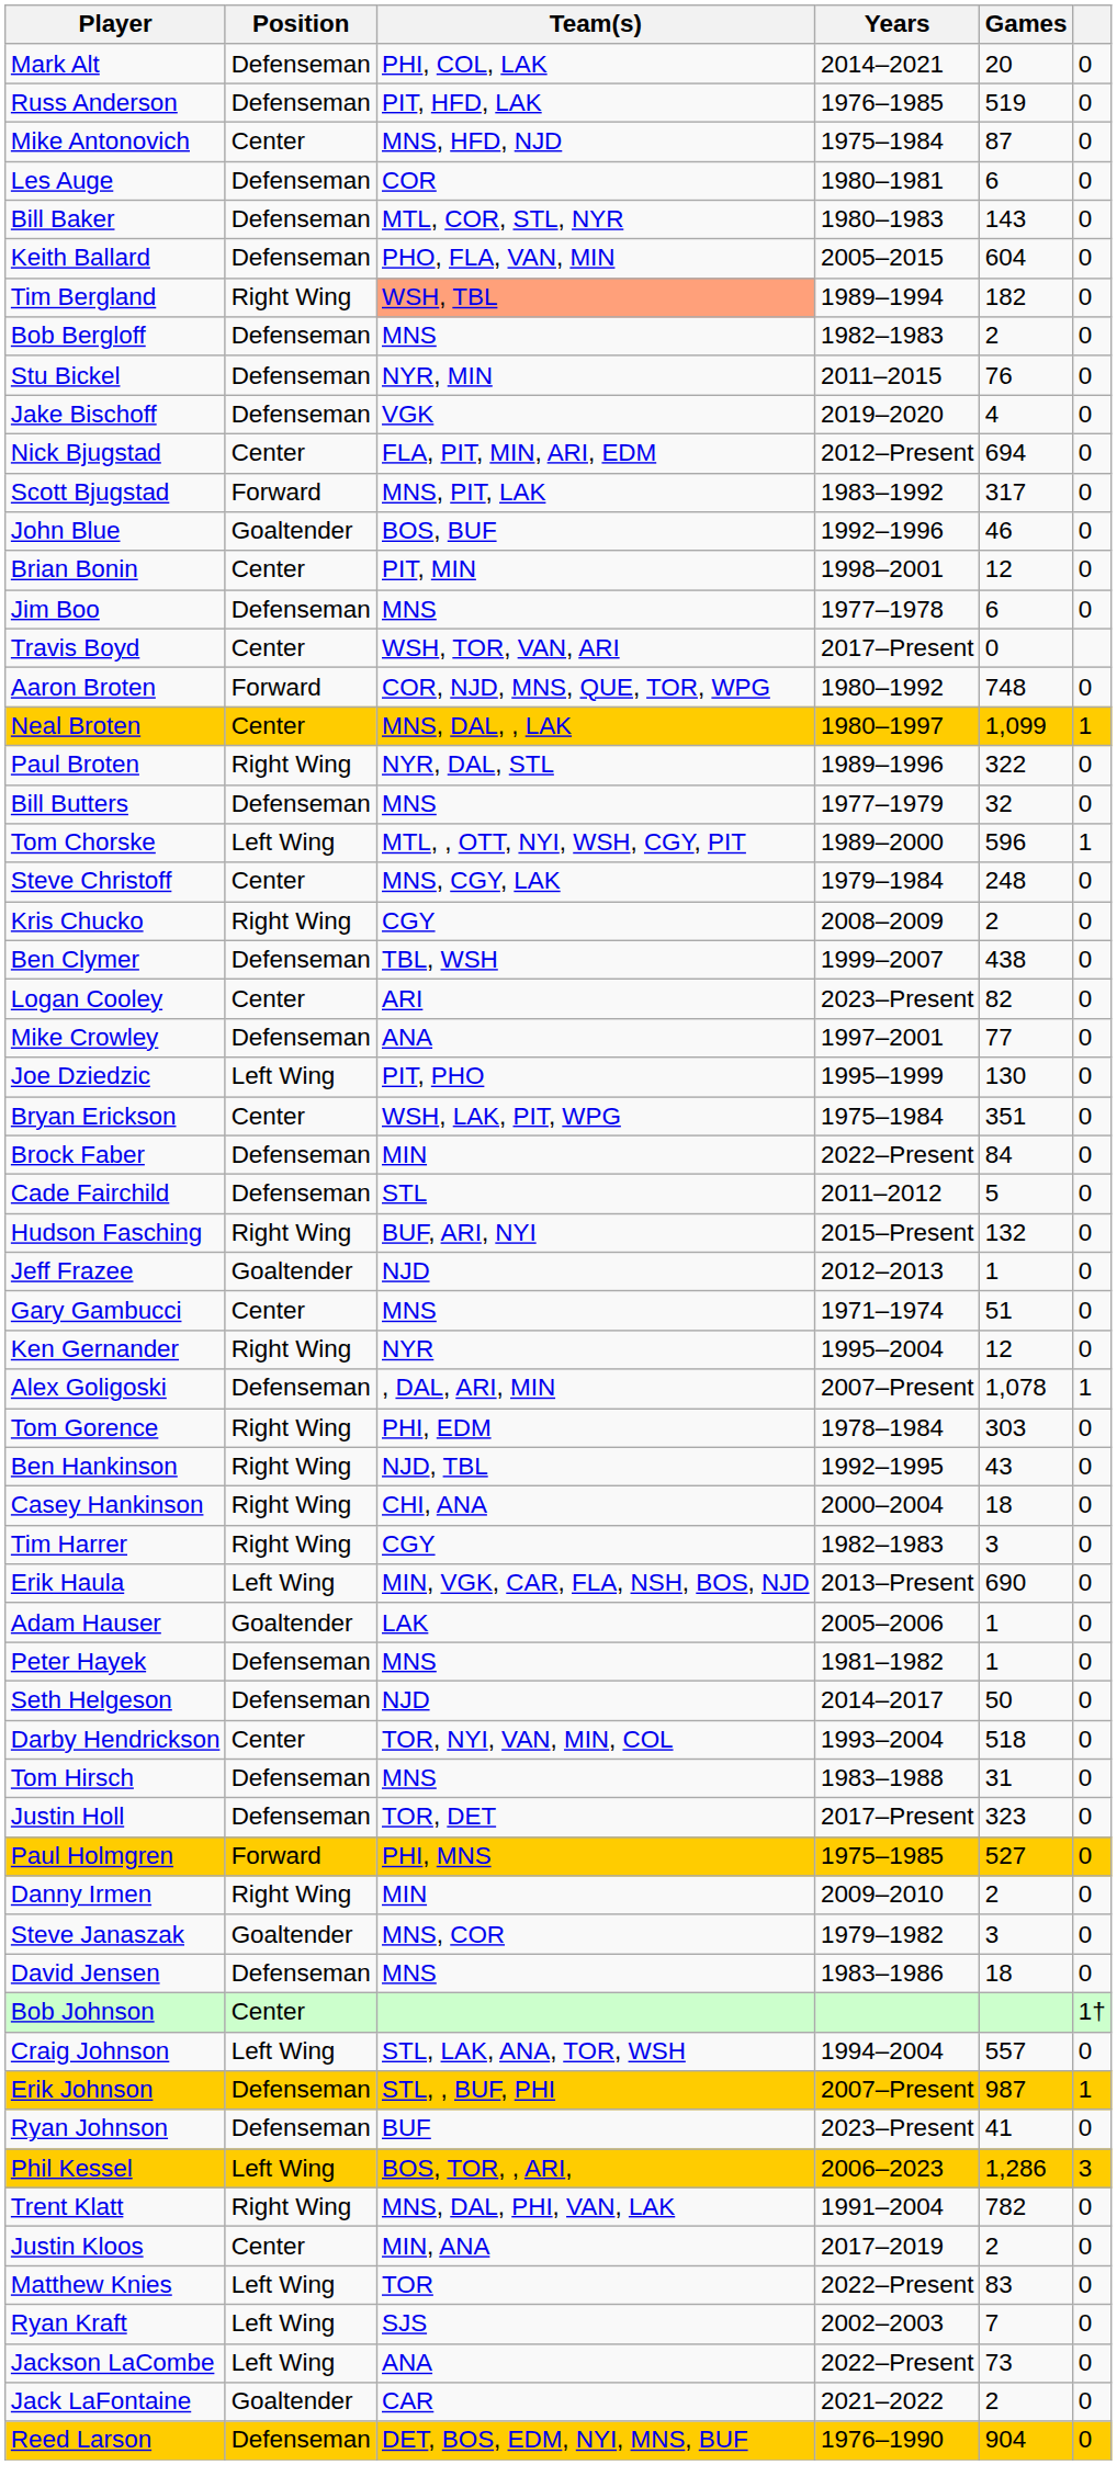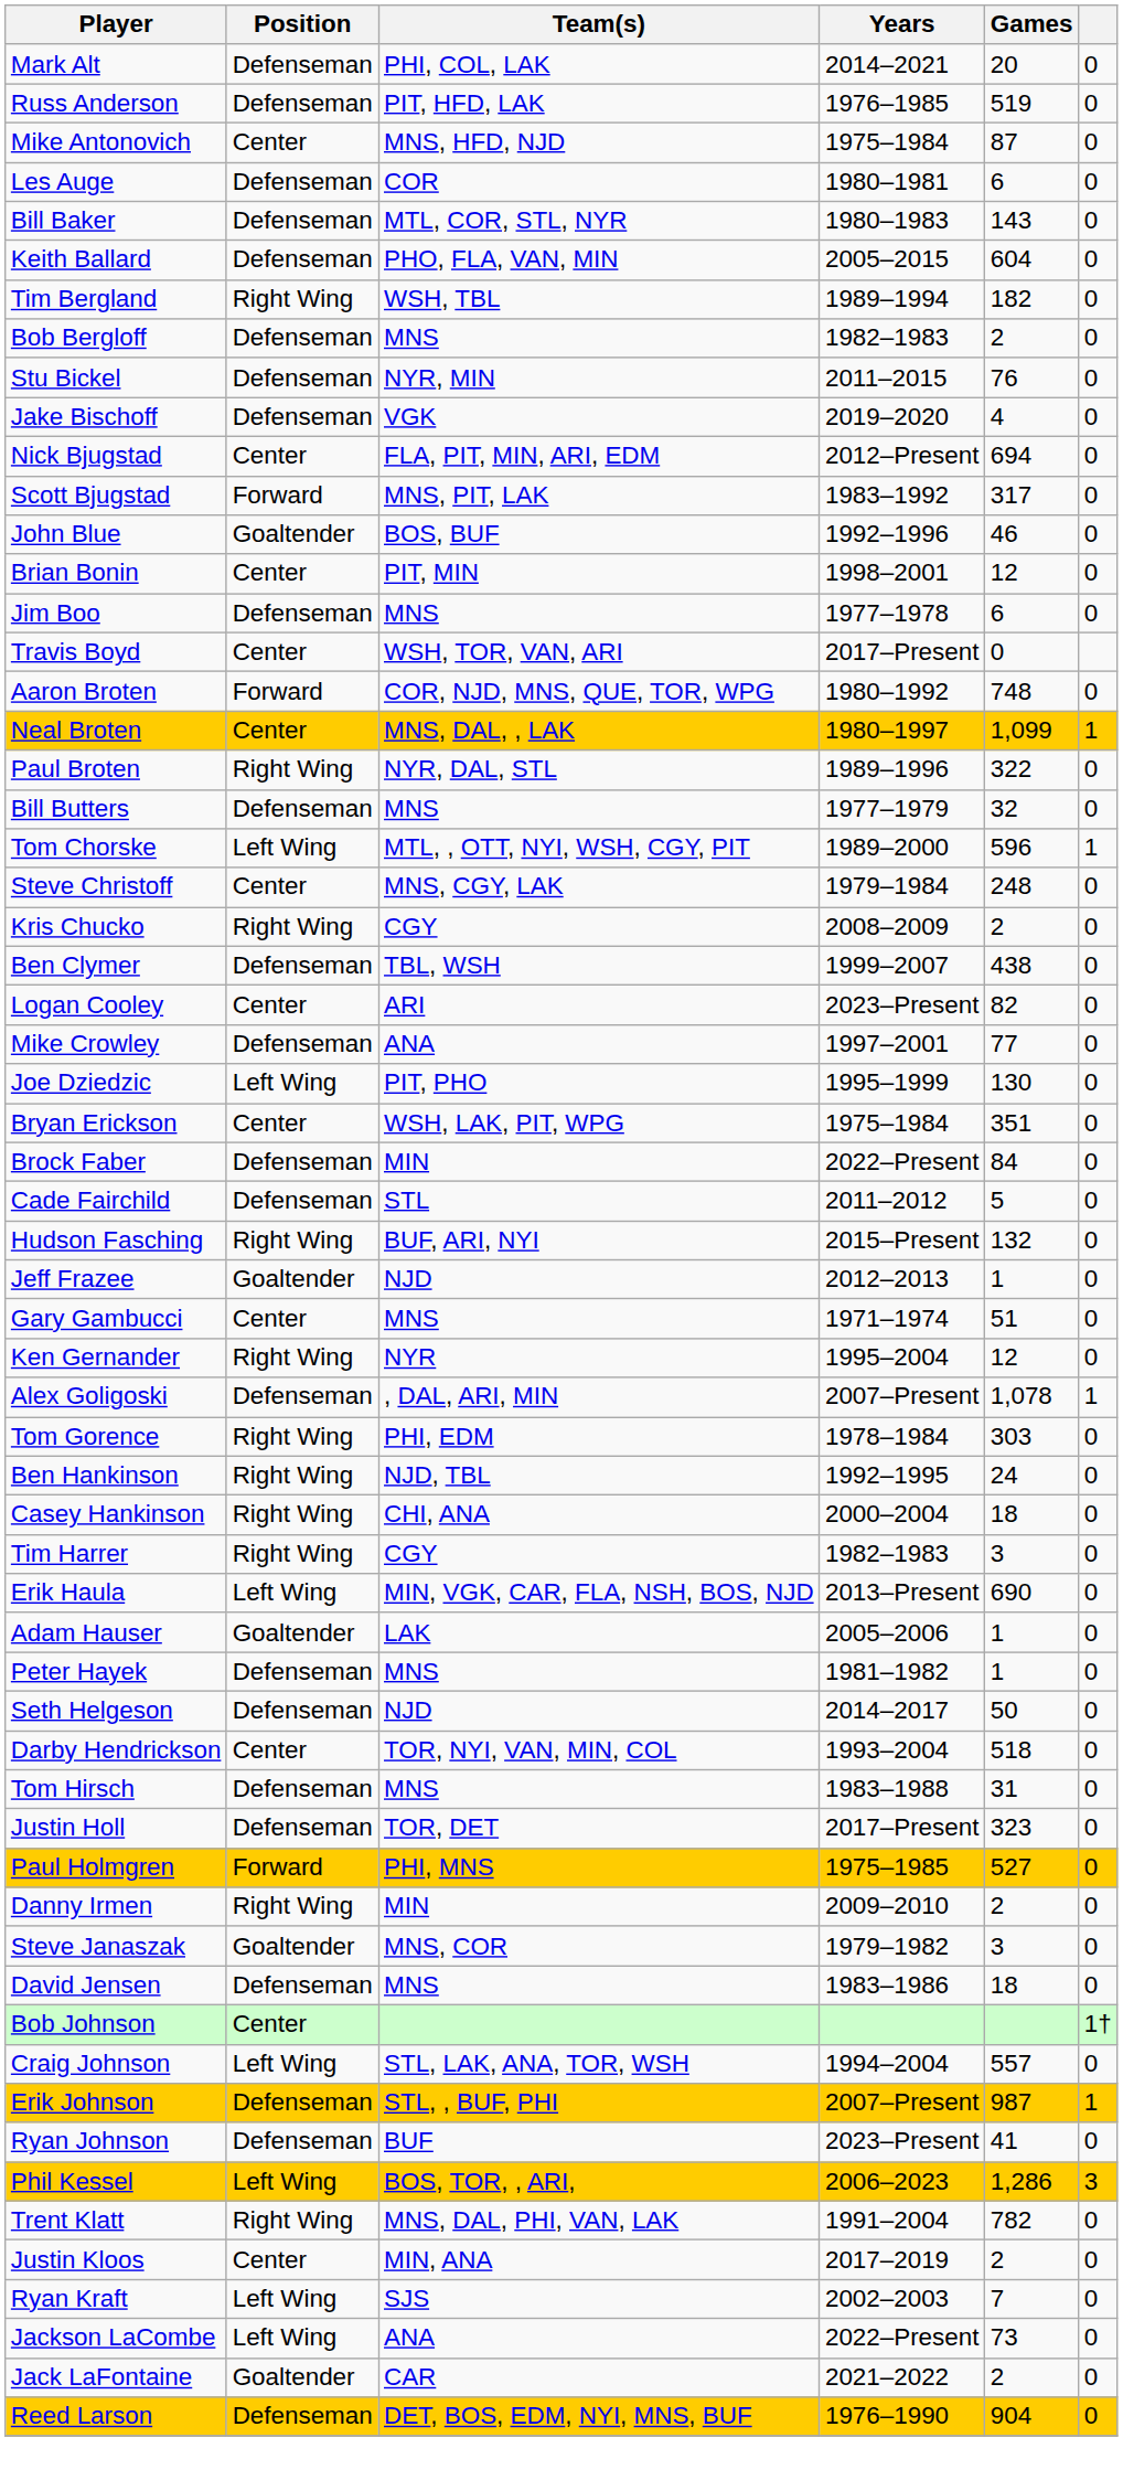 <table class="wikitable sortable">
 <tr>
 <th>Player</th>
 <th>Position</th>
 <th>Team(s)</th>
 <th>Years</th>
 <th>Games</th>
 <th><a href='#'></a></th>
 </tr>
 <tr>
 <td><a href='#'>Mark Alt</a></td>
 <td>Defenseman</td>
 <td><a href='#'>PHI</a>, <a href='#'>COL</a>, <a href='#'>LAK</a></td>
 <td>2014–2021</td>
 <td>20</td>
 <td>0</td>
 </tr>
 <tr>
 <td><a href='#'>Russ Anderson</a></td>
 <td>Defenseman</td>
 <td><a href='#'>PIT</a>, <a href='#'>HFD</a>, <a href='#'>LAK</a></td>
 <td>1976–1985</td>
 <td>519</td>
 <td>0</td>
 </tr>
 <tr>
 <td><a href='#'>Mike Antonovich</a></td>
 <td>Center</td>
 <td><a href='#'>MNS</a>, <a href='#'>HFD</a>, <a href='#'>NJD</a></td>
 <td>1975–1984</td>
 <td>87</td>
 <td>0</td>
 </tr>
 <tr>
 <td><a href='#'>Les Auge</a></td>
 <td>Defenseman</td>
 <td><a href='#'>COR</a></td>
 <td>1980–1981</td>
 <td>6</td>
 <td>0</td>
 </tr>
 <tr>
 <td><a href='#'>Bill Baker</a></td>
 <td>Defenseman</td>
 <td><a href='#'>MTL</a>, <a href='#'>COR</a>, <a href='#'>STL</a>, <a href='#'>NYR</a></td>
 <td>1980–1983</td>
 <td>143</td>
 <td>0</td>
 </tr>
 <tr>
 <td><a href='#'>Keith Ballard</a></td>
 <td>Defenseman</td>
 <td><a href='#'>PHO</a>, <a href='#'>FLA</a>, <a href='#'>VAN</a>, <a href='#'>MIN</a></td>
 <td>2005–2015</td>
 <td>604</td>
 <td>0</td>
 </tr>
 <tr>
 <td><a href='#'>Tim Bergland</a></td>
 <td>Right Wing</td>
-<td style="background: lightsalmon;"><a href='#'>WSH</a>, <a href='#'>TBL</a></td>
+<td><a href='#'>WSH</a>, <a href='#'>TBL</a></td>
 <td>1989–1994</td>
 <td>182</td>
 <td>0</td>
 </tr>
 <tr>
 <td><a href='#'>Bob Bergloff</a></td>
 <td>Defenseman</td>
 <td><a href='#'>MNS</a></td>
 <td>1982–1983</td>
 <td>2</td>
 <td>0</td>
 </tr>
 <tr>
 <td><a href='#'>Stu Bickel</a></td>
 <td>Defenseman</td>
 <td><a href='#'>NYR</a>, <a href='#'>MIN</a></td>
 <td>2011–2015</td>
 <td>76</td>
 <td>0</td>
 </tr>
 <tr>
 <td><a href='#'>Jake Bischoff</a></td>
 <td>Defenseman</td>
 <td><a href='#'>VGK</a></td>
 <td>2019–2020</td>
 <td>4</td>
 <td>0</td>
 </tr>
 <tr>
 <td><a href='#'>Nick Bjugstad</a></td>
 <td>Center</td>
 <td><a href='#'>FLA</a>, <a href='#'>PIT</a>, <a href='#'>MIN</a>, <a href='#'>ARI</a>, <a href='#'>EDM</a></td>
 <td>2012–Present</td>
 <td>694</td>
 <td>0</td>
 </tr>
 <tr>
 <td><a href='#'>Scott Bjugstad</a></td>
 <td>Forward</td>
 <td><a href='#'>MNS</a>, <a href='#'>PIT</a>, <a href='#'>LAK</a></td>
 <td>1983–1992</td>
 <td>317</td>
 <td>0</td>
 </tr>
 <tr>
 <td><a href='#'>John Blue</a></td>
 <td>Goaltender</td>
 <td><a href='#'>BOS</a>, <a href='#'>BUF</a></td>
 <td>1992–1996</td>
 <td>46</td>
 <td>0</td>
 </tr>
 <tr>
 <td><a href='#'>Brian Bonin</a></td>
 <td>Center</td>
 <td><a href='#'>PIT</a>, <a href='#'>MIN</a></td>
 <td>1998–2001</td>
 <td>12</td>
 <td>0</td>
 </tr>
 <tr>
 <td><a href='#'>Jim Boo</a></td>
 <td>Defenseman</td>
 <td><a href='#'>MNS</a></td>
 <td>1977–1978</td>
 <td>6</td>
 <td>0</td>
 </tr>
 <tr>
 <td><a href='#'>Travis Boyd</a></td>
 <td>Center</td>
 <td><a href='#'>WSH</a>, <a href='#'>TOR</a>, <a href='#'>VAN</a>, <a href='#'>ARI</a></td>
 <td>2017–Present</td>
 <td 280296>0</td>
 </tr>
 <tr>
 <td><a href='#'>Aaron Broten</a></td>
 <td>Forward</td>
 <td><a href='#'>COR</a>, <a href='#'>NJD</a>, <a href='#'>MNS</a>, <a href='#'>QUE</a>, <a href='#'>TOR</a>, <a href='#'>WPG</a></td>
 <td>1980–1992</td>
 <td>748</td>
 <td>0</td>
 </tr>
 <tr bgcolor=#FFCC00>
 <td><a href='#'>Neal Broten</a></td>
 <td>Center</td>
 <td><a href='#'>MNS</a>, <a href='#'>DAL</a>, <span><strong></strong></span>, <a href='#'>LAK</a></td>
 <td>1980–1997</td>
 <td>1,099</td>
 <td>1</td>
 </tr>
 <tr>
 <td><a href='#'>Paul Broten</a></td>
 <td>Right Wing</td>
 <td><a href='#'>NYR</a>, <a href='#'>DAL</a>, <a href='#'>STL</a></td>
 <td>1989–1996</td>
 <td>322</td>
 <td>0</td>
 </tr>
 <tr>
 <td><a href='#'>Bill Butters</a></td>
 <td>Defenseman</td>
 <td><a href='#'>MNS</a></td>
 <td>1977–1979</td>
 <td>32</td>
 <td>0</td>
 </tr>
 <tr>
 <td><a href='#'>Tom Chorske</a></td>
 <td>Left Wing</td>
 <td><a href='#'>MTL</a>, <span><strong></strong></span>, <a href='#'>OTT</a>, <a href='#'>NYI</a>, <a href='#'>WSH</a>, <a href='#'>CGY</a>, <a href='#'>PIT</a></td>
 <td>1989–2000</td>
 <td>596</td>
 <td>1</td>
 </tr>
 <tr>
 <td><a href='#'>Steve Christoff</a></td>
 <td>Center</td>
 <td><a href='#'>MNS</a>, <a href='#'>CGY</a>, <a href='#'>LAK</a></td>
 <td>1979–1984</td>
 <td>248</td>
 <td>0</td>
 </tr>
 <tr>
 <td><a href='#'>Kris Chucko</a></td>
 <td>Right Wing</td>
 <td><a href='#'>CGY</a></td>
 <td>2008–2009</td>
 <td>2</td>
 <td>0</td>
 </tr>
 <tr>
 <td><a href='#'>Ben Clymer</a></td>
 <td>Defenseman</td>
 <td><a href='#'>TBL</a>, <a href='#'>WSH</a></td>
 <td>1999–2007</td>
 <td>438</td>
 <td>0</td>
 </tr>
 <tr>
 <td><a href='#'>Logan Cooley</a></td>
 <td>Center</td>
 <td><a href='#'>ARI</a></td>
 <td>2023–Present</td>
 <td>82</td>
 <td>0</td>
 </tr>
 <tr>
 <td><a href='#'>Mike Crowley</a></td>
 <td>Defenseman</td>
 <td><a href='#'>ANA</a></td>
 <td>1997–2001</td>
 <td>77</td>
 <td>0</td>
 </tr>
 <tr>
 <td><a href='#'>Joe Dziedzic</a></td>
 <td>Left Wing</td>
 <td><a href='#'>PIT</a>, <a href='#'>PHO</a></td>
 <td>1995–1999</td>
 <td>130</td>
 <td>0</td>
 </tr>
 <tr>
 <td><a href='#'>Bryan Erickson</a></td>
 <td>Center</td>
 <td><a href='#'>WSH</a>, <a href='#'>LAK</a>, <a href='#'>PIT</a>, <a href='#'>WPG</a></td>
 <td>1975–1984</td>
 <td>351</td>
 <td>0</td>
 </tr>
 <tr>
 <td><a href='#'>Brock Faber</a></td>
 <td>Defenseman</td>
 <td><a href='#'>MIN</a></td>
 <td>2022–Present</td>
 <td>84</td>
 <td>0</td>
 </tr>
 <tr>
 <td><a href='#'>Cade Fairchild</a></td>
 <td>Defenseman</td>
 <td><a href='#'>STL</a></td>
 <td>2011–2012</td>
 <td>5</td>
 <td>0</td>
 </tr>
 <tr>
 <td><a href='#'>Hudson Fasching</a></td>
 <td>Right Wing</td>
 <td><a href='#'>BUF</a>, <a href='#'>ARI</a>, <a href='#'>NYI</a></td>
 <td>2015–Present</td>
 <td>132</td>
 <td>0</td>
 </tr>
 <tr>
 <td><a href='#'>Jeff Frazee</a></td>
 <td>Goaltender</td>
 <td><a href='#'>NJD</a></td>
 <td>2012–2013</td>
 <td>1</td>
 <td>0</td>
 </tr>
 <tr>
 <td><a href='#'>Gary Gambucci</a></td>
 <td>Center</td>
 <td><a href='#'>MNS</a></td>
 <td>1971–1974</td>
 <td>51</td>
 <td>0</td>
 </tr>
 <tr>
 <td><a href='#'>Ken Gernander</a></td>
 <td>Right Wing</td>
 <td><a href='#'>NYR</a></td>
 <td>1995–2004</td>
 <td>12</td>
 <td>0</td>
 </tr>
 <tr>
 <td><a href='#'>Alex Goligoski</a></td>
 <td>Defenseman</td>
 <td><span><strong></strong></span>, <a href='#'>DAL</a>, <a href='#'>ARI</a>, <a href='#'>MIN</a></td>
 <td>2007–Present</td>
 <td>1,078</td>
 <td>1</td>
 </tr>
 <tr>
 <td><a href='#'>Tom Gorence</a></td>
 <td>Right Wing</td>
 <td><a href='#'>PHI</a>, <a href='#'>EDM</a></td>
 <td>1978–1984</td>
 <td>303</td>
 <td>0</td>
 </tr>
 <tr>
 <td><a href='#'>Ben Hankinson</a></td>
 <td>Right Wing</td>
 <td><a href='#'>NJD</a>, <a href='#'>TBL</a></td>
 <td>1992–1995</td>
-<td>43</td>
+<td>24</td>
 <td>0</td>
 </tr>
 <tr>
 <td><a href='#'>Casey Hankinson</a></td>
 <td>Right Wing</td>
 <td><a href='#'>CHI</a>, <a href='#'>ANA</a></td>
 <td>2000–2004</td>
 <td>18</td>
 <td>0</td>
 </tr>
 <tr>
 <td><a href='#'>Tim Harrer</a></td>
 <td>Right Wing</td>
 <td><a href='#'>CGY</a></td>
 <td>1982–1983</td>
 <td>3</td>
 <td>0</td>
 </tr>
 <tr>
 <td><a href='#'>Erik Haula</a></td>
 <td>Left Wing</td>
 <td><a href='#'>MIN</a>, <a href='#'>VGK</a>, <a href='#'>CAR</a>, <a href='#'>FLA</a>, <a href='#'>NSH</a>, <a href='#'>BOS</a>, <a href='#'>NJD</a></td>
 <td>2013–Present</td>
 <td>690</td>
 <td>0</td>
 </tr>
 <tr>
 <td><a href='#'>Adam Hauser</a></td>
 <td>Goaltender</td>
 <td><a href='#'>LAK</a></td>
 <td>2005–2006</td>
 <td>1</td>
 <td>0</td>
 </tr>
 <tr>
 <td><a href='#'>Peter Hayek</a></td>
 <td>Defenseman</td>
 <td><a href='#'>MNS</a></td>
 <td>1981–1982</td>
 <td>1</td>
 <td>0</td>
 </tr>
 <tr>
 <td><a href='#'>Seth Helgeson</a></td>
 <td>Defenseman</td>
 <td><a href='#'>NJD</a></td>
 <td>2014–2017</td>
 <td>50</td>
 <td>0</td>
 </tr>
 <tr>
 <td><a href='#'>Darby Hendrickson</a></td>
 <td>Center</td>
 <td><a href='#'>TOR</a>, <a href='#'>NYI</a>, <a href='#'>VAN</a>, <a href='#'>MIN</a>, <a href='#'>COL</a></td>
 <td>1993–2004</td>
 <td>518</td>
 <td>0</td>
 </tr>
 <tr>
 <td><a href='#'>Tom Hirsch</a></td>
 <td>Defenseman</td>
 <td><a href='#'>MNS</a></td>
 <td>1983–1988</td>
 <td>31</td>
 <td>0</td>
 </tr>
 <tr>
 <td><a href='#'>Justin Holl</a></td>
 <td>Defenseman</td>
 <td><a href='#'>TOR</a>, <a href='#'>DET</a></td>
 <td>2017–Present</td>
 <td>323</td>
 <td>0</td>
 </tr>
 <tr bgcolor=#FFCC00>
 <td><a href='#'>Paul Holmgren</a></td>
 <td>Forward</td>
 <td><a href='#'>PHI</a>, <a href='#'>MNS</a></td>
 <td>1975–1985</td>
 <td>527</td>
 <td>0</td>
 </tr>
 <tr>
 <td><a href='#'>Danny Irmen</a></td>
 <td>Right Wing</td>
 <td><a href='#'>MIN</a></td>
 <td>2009–2010</td>
 <td>2</td>
 <td>0</td>
 </tr>
 <tr>
 <td><a href='#'>Steve Janaszak</a></td>
 <td>Goaltender</td>
 <td><a href='#'>MNS</a>, <a href='#'>COR</a></td>
 <td>1979–1982</td>
 <td>3</td>
 <td>0</td>
 </tr>
 <tr>
 <td><a href='#'>David Jensen</a></td>
 <td>Defenseman</td>
 <td><a href='#'>MNS</a></td>
 <td>1983–1986</td>
 <td>18</td>
 <td>0</td>
 </tr>
 <tr bgcolor=#CCFFCC>
 <td><a href='#'>Bob Johnson</a></td>
 <td>Center</td>
 <td></td>
 <td></td>
 <td></td>
 <td>1†</td>
 </tr>
 <tr>
 <td><a href='#'>Craig Johnson</a></td>
 <td>Left Wing</td>
 <td><a href='#'>STL</a>, <a href='#'>LAK</a>, <a href='#'>ANA</a>, <a href='#'>TOR</a>, <a href='#'>WSH</a></td>
 <td>1994–2004</td>
 <td>557</td>
 <td>0</td>
 </tr>
 <tr bgcolor=#FFCC00>
 <td><a href='#'>Erik Johnson</a></td>
 <td>Defenseman</td>
 <td><a href='#'>STL</a>, <span><strong></strong></span>, <a href='#'>BUF</a>, <a href='#'>PHI</a></td>
 <td>2007–Present</td>
 <td>987</td>
 <td>1</td>
 </tr>
 <tr>
 <td><a href='#'>Ryan Johnson</a></td>
 <td>Defenseman</td>
 <td><a href='#'>BUF</a></td>
 <td>2023–Present</td>
 <td>41</td>
 <td>0</td>
 </tr>
 <tr bgcolor=#FFCC00>
 <td><a href='#'>Phil Kessel</a></td>
 <td>Left Wing</td>
 <td><a href='#'>BOS</a>, <a href='#'>TOR</a>, <span><strong></strong></span>, <a href='#'>ARI</a>, <span><strong></strong></span></td>
 <td>2006–2023</td>
 <td>1,286</td>
 <td>3</td>
 </tr>
 <tr>
 <td><a href='#'>Trent Klatt</a></td>
 <td>Right Wing</td>
 <td><a href='#'>MNS</a>, <a href='#'>DAL</a>, <a href='#'>PHI</a>, <a href='#'>VAN</a>, <a href='#'>LAK</a></td>
 <td>1991–2004</td>
 <td>782</td>
 <td>0</td>
 </tr>
 <tr>
 <td><a href='#'>Justin Kloos</a></td>
 <td>Center</td>
 <td><a href='#'>MIN</a>, <a href='#'>ANA</a></td>
 <td>2017–2019</td>
 <td>2</td>
 <td>0</td>
 </tr>
 <tr>
-<td><a href='#'>Matthew Knies</a></td>
-<td>Left Wing</td>
-<td><a href='#'>TOR</a></td>
-<td>2022–Present</td>
-<td>83</td>
-<td>0</td>
-</tr>
-<tr>
 <td><a href='#'>Ryan Kraft</a></td>
 <td>Left Wing</td>
 <td><a href='#'>SJS</a></td>
 <td>2002–2003</td>
 <td>7</td>
 <td>0</td>
 </tr>
 <tr>
 <td><a href='#'>Jackson LaCombe</a></td>
 <td>Left Wing</td>
 <td><a href='#'>ANA</a></td>
 <td>2022–Present</td>
 <td>73</td>
 <td>0</td>
 </tr>
 <tr>
 <td><a href='#'>Jack LaFontaine</a></td>
 <td>Goaltender</td>
 <td><a href='#'>CAR</a></td>
 <td>2021–2022</td>
 <td>2</td>
 <td>0</td>
 </tr>
 <tr bgcolor=#FFCC00>
 <td><a href='#'>Reed Larson</a></td>
 <td>Defenseman</td>
 <td><a href='#'>DET</a>, <a href='#'>BOS</a>, <a href='#'>EDM</a>, <a href='#'>NYI</a>, <a href='#'>MNS</a>, <a href='#'>BUF</a></td>
 <td>1976–1990</td>
 <td>904</td>
 <td>0</td>
 </tr>
 <tr>
 </tr>
 </table>
